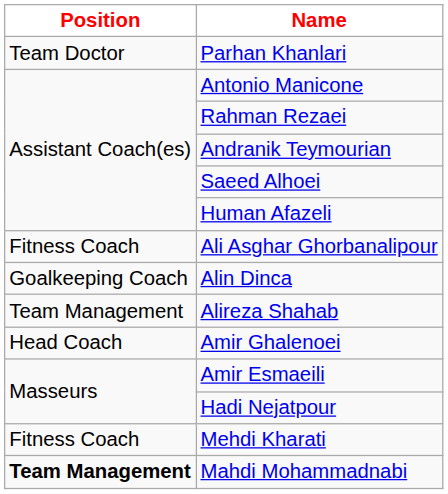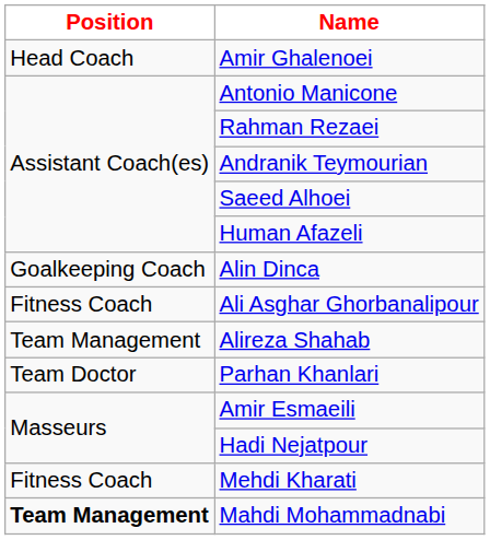 <table class="wikitable">
 <tr>
 <th style="color:#FF0000;background:#FFFFFF">Position</th>
 <th style="color:#FF0000;background:#FFFFFF">Name</th>
 </tr>
 <tr>
-<td>Team Doctor</td>
-<td> <a href='#'>Parhan Khanlari</a></td>
+<td>Head Coach</td>
+<td> <a href='#'>Amir Ghalenoei</a></td>
 </tr>
 <tr>
 <td rowspan="5">Assistant Coach(es)</td>
 <td> <a href='#'>Antonio Manicone</a></td>
 </tr>
 <tr>
 <td> <a href='#'>Rahman Rezaei</a></td>
 </tr>
 <tr>
 <td> <a href='#'>Andranik Teymourian</a></td>
 </tr>
 <tr>
 <td> <a href='#'>Saeed Alhoei</a></td>
 </tr>
 <tr>
 <td> <a href='#'>Human Afazeli</a></td>
 </tr>
 <tr>
+<td>Goalkeeping Coach</td>
+<td> <a href='#'>Alin Dinca</a></td>
+</tr>
+<tr>
 <td>Fitness Coach</td>
 <td>  <a href='#'>Ali Asghar Ghorbanalipour</a></td>
-</tr>
-<tr>
-<td>Goalkeeping Coach</td>
-<td> <a href='#'>Alin Dinca</a></td>
 </tr>
 <tr>
 <td>Team Management</td>
 <td> <a href='#'>Alireza Shahab</a></td>
 </tr>
 <tr>
-<td>Head Coach</td>
-<td> <a href='#'>Amir Ghalenoei</a></td>
+<td>Team Doctor</td>
+<td> <a href='#'>Parhan Khanlari</a></td>
 </tr>
 <tr>
 <td rowspan="2">Masseurs</td>
 <td> <a href='#'>Amir Esmaeili</a></td>
 </tr>
 <tr>
 <td> <a href='#'>Hadi Nejatpour</a></td>
 </tr>
 <tr>
 <td>Fitness Coach</td>
 <td> <a href='#'>Mehdi Kharati</a></td>
 </tr>
 <tr>
 <td><strong>Team Management</strong></td>
 <td> <a href='#'>Mahdi Mohammadnabi</a></td>
 </tr>
 </table>
